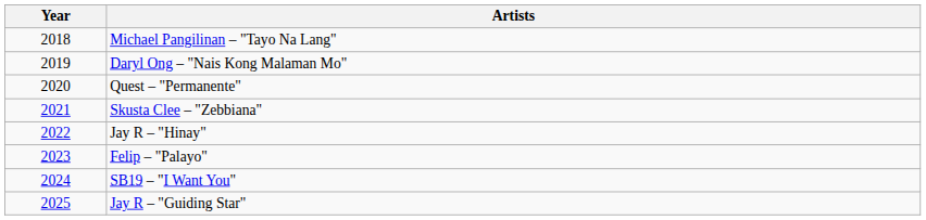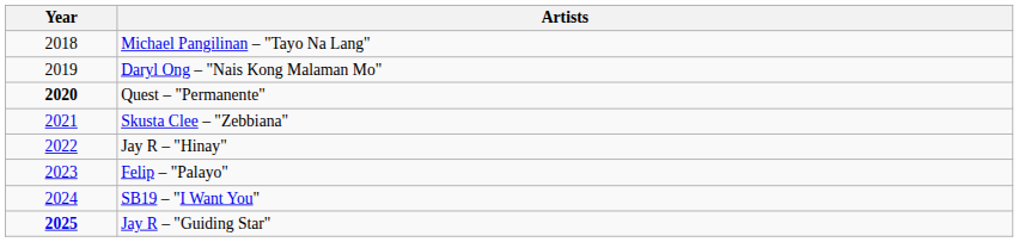 <table class="wikitable sortable"  style="width:50%;">
 <tr>
 <th width=5%  scope="col">Year</th>
 <th width=40%  scope="col">Artists</th>
 </tr>
 <tr>
 <td align="center">2018</td>
 <td><a href='#'>Michael Pangilinan</a> – "Tayo Na Lang"</td>
 </tr>
 <tr>
 <td align="center">2019</td>
 <td><a href='#'>Daryl Ong</a> – "Nais Kong Malaman Mo"</td>
 </tr>
 <tr>
-<td align="center">2020</td>
+<td align="center"><strong>2020</strong></td>
 <td>Quest – "Permanente"</td>
 </tr>
 <tr>
 <td align="center"><a href='#'>2021</a></td>
 <td><a href='#'>Skusta Clee</a> – "Zebbiana"</td>
 </tr>
 <tr>
 <td align="center"><a href='#'>2022</a></td>
 <td>Jay R – "Hinay"</td>
 </tr>
 <tr>
 <td align="center"><a href='#'>2023</a></td>
 <td><a href='#'>Felip</a> – "Palayo"</td>
 </tr>
 <tr>
 <td align="center"><a href='#'>2024</a></td>
 <td><a href='#'>SB19</a> – "<a href='#'>I Want You</a>"</td>
 </tr>
 <tr>
-<td align="center"><a href='#'>2025</a></td>
+<td align="center"><strong><a href='#'>2025</a></strong></td>
 <td><a href='#'>Jay R</a> – "Guiding Star"</td>
 </tr>
 </table>
